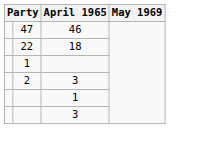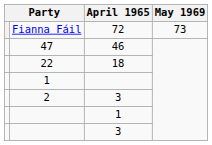 <table class="wikitable" style="font-size: 95%;">
 <tr>
 <th colspan=2>Party</th>
 <th>April 1965</th>
 <th>May 1969</th>
+</tr>
+<tr>
+<th style="background-color: "></th>
+<td><a href='#'>Fianna Fáil</a></td>
+<td align="center">72</td>
+<td align="center">73</td>
 </tr>
 <tr>
 <td></td>
 <td align="center">47</td>
 <td align="center">46</td>
 </tr>
 <tr>
 <td></td>
 <td align="center">22</td>
 <td align="center">18</td>
 </tr>
 <tr>
 <td></td>
 <td align="center">1</td>
 <td></td>
 </tr>
 <tr>
 <td></td>
 <td align="center">2</td>
 <td align="center">3</td>
 </tr>
 <tr>
 <td></td>
 <td></td>
 <td align="center">1</td>
 </tr>
 <tr>
 <td></td>
 <td></td>
 <td align="center">3</td>
 </tr>
 </table>
